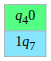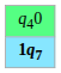 <table class="wikitable" style="text-align:center;">
 <tr>
 <td bgcolor="#55FF83" width="40"><em>q</em><sub>4</sub>0</td>
 </tr>
 <tr>
-<td bgcolor="#87E6FF" width="40">1<em>q</em><sub>7</sub></td>
+<td bgcolor="#87E6FF" width="40"><strong>1<em>q</em><sub>7</sub></strong></td>
 </tr>
 </table>
